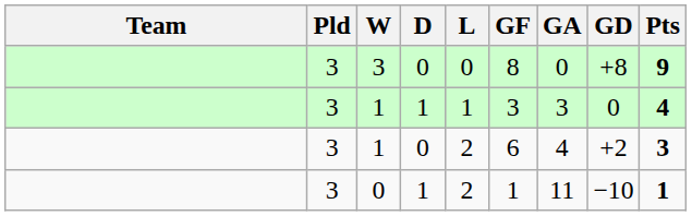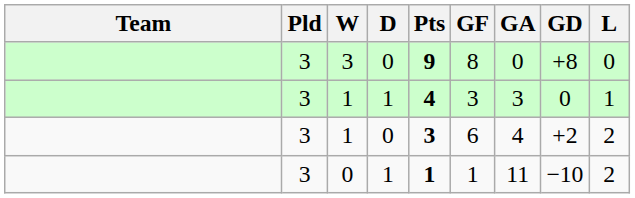 <table class="wikitable" style="text-align:center;">
 <tr>
 <th width=180>Team</th>
 <th width=20>Pld</th>
 <th width=20>W</th>
 <th width=20>D</th>
-<th width=20>L</th>
+<th width=20>Pts</th>
 <th width=20>GF</th>
 <th width=20>GA</th>
 <th width=20>GD</th>
-<th width=20>Pts</th>
+<th width=20>L</th>
 </tr>
 <tr bgcolor=#ccffcc>
 <td align="left"></td>
 <td>3</td>
 <td>3</td>
 <td>0</td>
-<td>0</td>
+<td><strong>9</strong></td>
 <td>8</td>
 <td>0</td>
 <td>+8</td>
-<td><strong>9</strong></td>
+<td>0</td>
 </tr>
 <tr bgcolor=#ccffcc>
 <td align="left"></td>
 <td>3</td>
 <td>1</td>
 <td>1</td>
-<td>1</td>
+<td><strong>4</strong></td>
 <td>3</td>
 <td>3</td>
 <td>0</td>
-<td><strong>4</strong></td>
+<td>1</td>
 </tr>
 <tr>
 <td align="left"></td>
 <td>3</td>
 <td>1</td>
 <td>0</td>
-<td>2</td>
+<td><strong>3</strong></td>
 <td>6</td>
 <td>4</td>
 <td>+2</td>
-<td><strong>3</strong></td>
+<td>2</td>
 </tr>
 <tr>
 <td align="left"><em></em></td>
 <td>3</td>
 <td>0</td>
 <td>1</td>
-<td>2</td>
+<td><strong>1</strong></td>
 <td>1</td>
 <td>11</td>
 <td>−10</td>
-<td><strong>1</strong></td>
+<td>2</td>
 </tr>
 </table>
